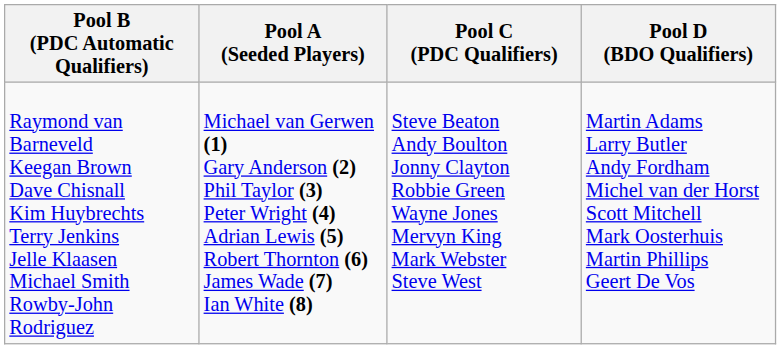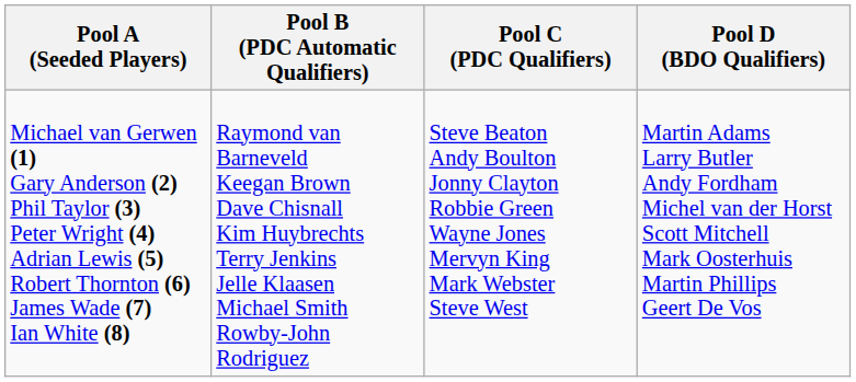 <table class="wikitable">
 <tr>
+<th width=200>Pool A<br>(Seeded Players)</th>
 <th width=200>Pool B<br>(PDC Automatic Qualifiers)</th>
-<th width=200>Pool A<br>(Seeded Players)</th>
 <th width=200>Pool C<br>(PDC Qualifiers)</th>
 <th width=200>Pool D<br>(BDO Qualifiers)</th>
 </tr>
 <tr>
+<td valign="top"><br> <a href='#'>Michael van Gerwen</a> <strong>(1)</strong><br>  <a href='#'>Gary Anderson</a> <strong>(2)</strong><br>  <a href='#'>Phil Taylor</a> <strong>(3)</strong><br>  <a href='#'>Peter Wright</a> <strong>(4)</strong><br>  <a href='#'>Adrian Lewis</a> <strong>(5)</strong><br>  <a href='#'>Robert Thornton</a> <strong>(6)</strong><br>  <a href='#'>James Wade</a> <strong>(7)</strong><br>  <a href='#'>Ian White</a> <strong>(8)</strong></td>
 <td valign="top"><br> <a href='#'>Raymond van Barneveld</a><br>  <a href='#'>Keegan Brown</a><br>  <a href='#'>Dave Chisnall</a><br>  <a href='#'>Kim Huybrechts</a><br>  <a href='#'>Terry Jenkins</a><br>  <a href='#'>Jelle Klaasen</a><br>  <a href='#'>Michael Smith</a><br>  <a href='#'>Rowby-John Rodriguez</a></td>
-<td valign="top"><br> <a href='#'>Michael van Gerwen</a> <strong>(1)</strong><br>  <a href='#'>Gary Anderson</a> <strong>(2)</strong><br>  <a href='#'>Phil Taylor</a> <strong>(3)</strong><br>  <a href='#'>Peter Wright</a> <strong>(4)</strong><br>  <a href='#'>Adrian Lewis</a> <strong>(5)</strong><br>  <a href='#'>Robert Thornton</a> <strong>(6)</strong><br>  <a href='#'>James Wade</a> <strong>(7)</strong><br>  <a href='#'>Ian White</a> <strong>(8)</strong></td>
 <td valign="top"><br> <a href='#'>Steve Beaton</a><br>  <a href='#'>Andy Boulton</a><br>  <a href='#'>Jonny Clayton</a><br>  <a href='#'>Robbie Green</a><br>  <a href='#'>Wayne Jones</a><br>  <a href='#'>Mervyn King</a><br>  <a href='#'>Mark Webster</a><br>  <a href='#'>Steve West</a></td>
 <td valign="top"><br> <a href='#'>Martin Adams</a><br>  <a href='#'>Larry Butler</a><br>  <a href='#'>Andy Fordham</a><br>  <a href='#'>Michel van der Horst</a><br>  <a href='#'>Scott Mitchell</a><br>  <a href='#'>Mark Oosterhuis</a><br>  <a href='#'>Martin Phillips</a><br>  <a href='#'>Geert De Vos</a></td>
 </tr>
 </table>
